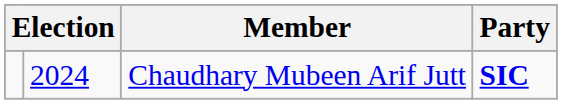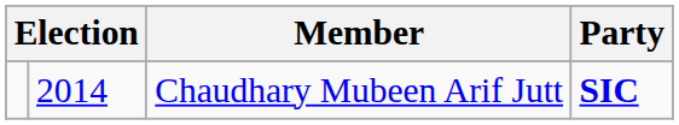 <table class="wikitable">
 <tr>
 <th colspan="2">Election</th>
 <th>Member</th>
 <th>Party</th>
 </tr>
 <tr>
 <td style="background-color: "></td>
-<td><a href='#'>2024</a></td>
+<td><a href='#'>2014</a></td>
 <td><a href='#'>Chaudhary Mubeen Arif Jutt</a></td>
 <td><strong><a href='#'>SIC</a></strong></td>
 </tr>
 </table>
